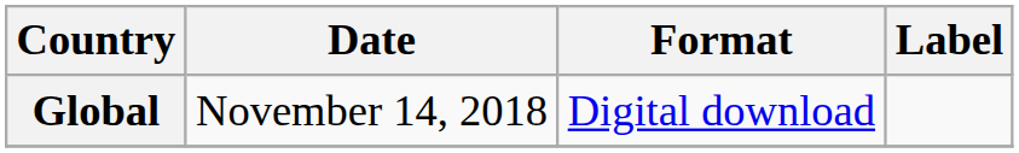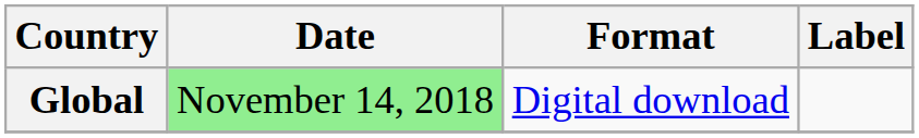 <table class="wikitable plainrowheaders">
 <tr>
 <th>Country</th>
 <th>Date</th>
 <th>Format</th>
 <th>Label</th>
 </tr>
 <tr>
 <th scope="row">Global</th>
-<td>November 14, 2018</td>
+<td style="background: lightgreen;">November 14, 2018</td>
 <td><a href='#'>Digital download</a></td>
 <td></td>
 </tr>
 <tr>
 </tr>
 </table>
